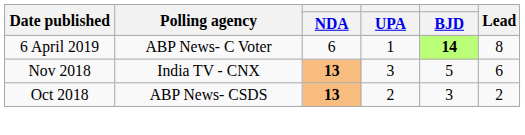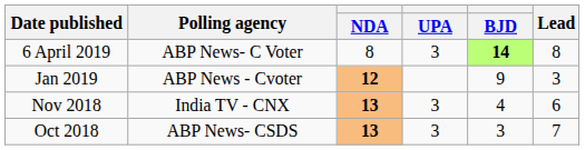 <table class="wikitable sortable" style="text-align:center;font-size:95%;line-height:16px">
 <tr>
 <th rowspan="2" width="100px">Date published</th>
 <th rowspan="2" width="175px">Polling agency</th>
 <th style="background:"></th>
 <th style="background:"></th>
 <th style="background:"></th>
 <th rowspan="2">Lead</th>
 </tr>
 <tr>
 <th width="50px" class="unsortable"><a href='#'>NDA</a></th>
 <th width="50px" class="unsortable"><a href='#'>UPA</a></th>
 <th width="50px" class="unsortable"><a href='#'>BJD</a></th>
 </tr>
 <tr>
 <td>6 April 2019</td>
 <td>ABP News- C Voter</td>
-<td>6</td>
-<td>1</td>
+<td>8</td>
+<td>3</td>
 <td style="background:#BBFF77"><strong>14</strong></td>
 <td style="background:"><span>8</span></td>
+</tr>
+<tr>
+<td>Jan 2019</td>
+<td>ABP News - Cvoter</td>
+<td style="background:#F9BC7F"><strong>12</strong></td>
+<td></td>
+<td>9</td>
+<td style="background:"><span>3</span></td>
 </tr>
 <tr>
 <td>Nov 2018</td>
 <td>India TV - CNX</td>
 <td style="background:#F9BC7F"><strong>13</strong></td>
 <td>3</td>
-<td>5</td>
+<td>4</td>
 <td style="background:"><span>6</span></td>
 </tr>
 <tr>
 <td>Oct 2018</td>
 <td>ABP News- CSDS</td>
 <td style="background:#F9BC7F"><strong>13</strong></td>
-<td>2</td>
 <td>3</td>
-<td style="background:"><span>2</span></td>
+<td>3</td>
+<td style="background:"><span>7</span></td>
 </tr>
 </table>
